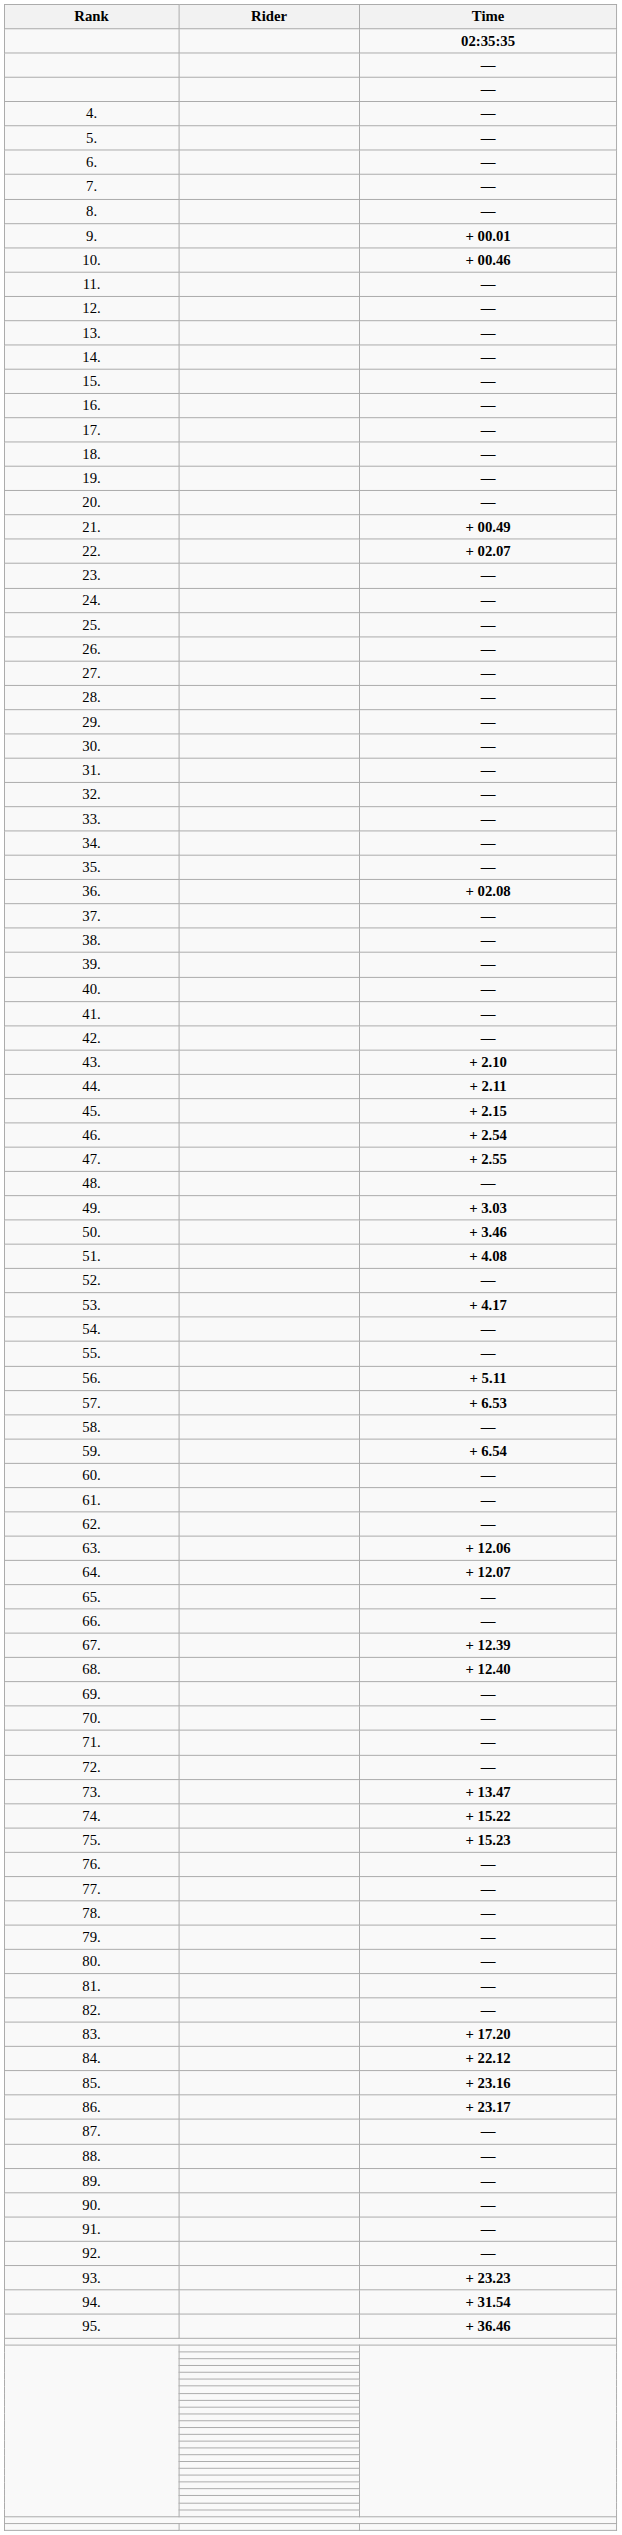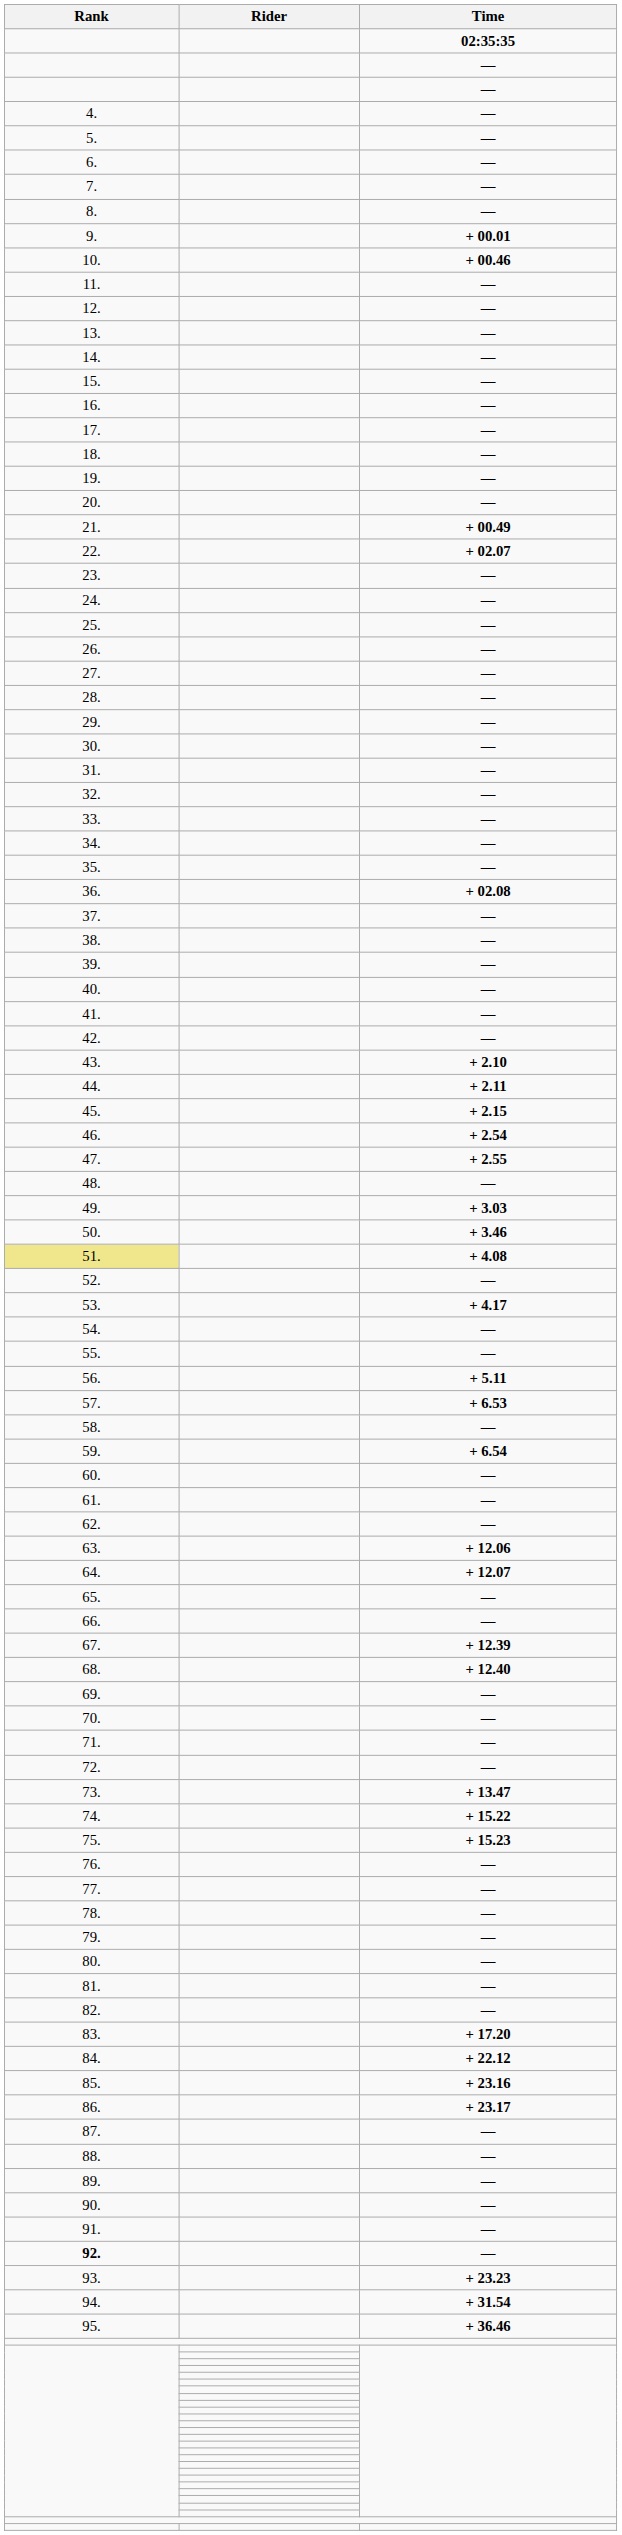 <table class=wikitable style="font-size:95%" width="50%">
 <tr>
 <th>Rank</th>
 <th>Rider</th>
 <th>Time</th>
 </tr>
 <tr>
 <td align="center"></td>
 <td></td>
 <td align="center"><strong>02:35:35</strong></td>
 </tr>
 <tr>
 <td align="center"></td>
 <td></td>
 <td align="center"><strong>—</strong></td>
 </tr>
 <tr>
 <td align="center"></td>
 <td></td>
 <td align="center"><strong>—</strong></td>
 </tr>
 <tr>
 <td align="center">4.</td>
 <td></td>
 <td align="center"><strong>—</strong></td>
 </tr>
 <tr>
 <td align="center">5.</td>
 <td></td>
 <td align="center"><strong>—</strong></td>
 </tr>
 <tr>
 <td align="center">6.</td>
 <td></td>
 <td align="center"><strong>—</strong></td>
 </tr>
 <tr>
 <td align="center">7.</td>
 <td></td>
 <td align="center"><strong>—</strong></td>
 </tr>
 <tr>
 <td align="center">8.</td>
 <td></td>
 <td align="center"><strong>—</strong></td>
 </tr>
 <tr>
 <td align="center">9.</td>
 <td></td>
 <td align="center"><strong>+ 00.01</strong></td>
 </tr>
 <tr>
 <td align="center">10.</td>
 <td></td>
 <td align="center"><strong>+ 00.46</strong></td>
 </tr>
 <tr>
 <td align="center">11.</td>
 <td></td>
 <td align="center"><strong>—</strong></td>
 </tr>
 <tr>
 <td align="center">12.</td>
 <td></td>
 <td align="center"><strong>—</strong></td>
 </tr>
 <tr>
 <td align="center">13.</td>
 <td></td>
 <td align="center"><strong>—</strong></td>
 </tr>
 <tr>
 <td align="center">14.</td>
 <td></td>
 <td align="center"><strong>—</strong></td>
 </tr>
 <tr>
 <td align="center">15.</td>
 <td></td>
 <td align="center"><strong>—</strong></td>
 </tr>
 <tr>
 <td align="center">16.</td>
 <td></td>
 <td align="center"><strong>—</strong></td>
 </tr>
 <tr>
 <td align="center">17.</td>
 <td></td>
 <td align="center"><strong>—</strong></td>
 </tr>
 <tr>
 <td align="center">18.</td>
 <td></td>
 <td align="center"><strong>—</strong></td>
 </tr>
 <tr>
 <td align="center">19.</td>
 <td></td>
 <td align="center"><strong>—</strong></td>
 </tr>
 <tr>
 <td align="center">20.</td>
 <td></td>
 <td align="center"><strong>—</strong></td>
 </tr>
 <tr>
 <td align="center">21.</td>
 <td></td>
 <td align="center"><strong>+ 00.49</strong></td>
 </tr>
 <tr>
 <td align="center">22.</td>
 <td></td>
 <td align="center"><strong>+ 02.07</strong></td>
 </tr>
 <tr>
 <td align="center">23.</td>
 <td></td>
 <td align="center"><strong>—</strong></td>
 </tr>
 <tr>
 <td align="center">24.</td>
 <td></td>
 <td align="center"><strong>—</strong></td>
 </tr>
 <tr>
 <td align="center">25.</td>
 <td></td>
 <td align="center"><strong>—</strong></td>
 </tr>
 <tr>
 <td align="center">26.</td>
 <td></td>
 <td align="center"><strong>—</strong></td>
 </tr>
 <tr>
 <td align="center">27.</td>
 <td></td>
 <td align="center"><strong>—</strong></td>
 </tr>
 <tr>
 <td align="center">28.</td>
 <td></td>
 <td align="center"><strong>—</strong></td>
 </tr>
 <tr>
 <td align="center">29.</td>
 <td></td>
 <td align="center"><strong>—</strong></td>
 </tr>
 <tr>
 <td align="center">30.</td>
 <td></td>
 <td align="center"><strong>—</strong></td>
 </tr>
 <tr>
 <td align="center">31.</td>
 <td></td>
 <td align="center"><strong>—</strong></td>
 </tr>
 <tr>
 <td align="center">32.</td>
 <td></td>
 <td align="center"><strong>—</strong></td>
 </tr>
 <tr>
 <td align="center">33.</td>
 <td></td>
 <td align="center"><strong>—</strong></td>
 </tr>
 <tr>
 <td align="center">34.</td>
 <td></td>
 <td align="center"><strong>—</strong></td>
 </tr>
 <tr>
 <td align="center">35.</td>
 <td></td>
 <td align="center"><strong>—</strong></td>
 </tr>
 <tr>
 <td align="center">36.</td>
 <td></td>
 <td align="center"><strong>+ 02.08</strong></td>
 </tr>
 <tr>
 <td align="center">37.</td>
 <td></td>
 <td align="center"><strong>—</strong></td>
 </tr>
 <tr>
 <td align="center">38.</td>
 <td></td>
 <td align="center"><strong>—</strong></td>
 </tr>
 <tr>
 <td align="center">39.</td>
 <td></td>
 <td align="center"><strong>—</strong></td>
 </tr>
 <tr>
 <td align="center">40.</td>
 <td></td>
 <td align="center"><strong>—</strong></td>
 </tr>
 <tr>
 <td align="center">41.</td>
 <td></td>
 <td align="center"><strong>—</strong></td>
 </tr>
 <tr>
 <td align="center">42.</td>
 <td></td>
 <td align="center"><strong>—</strong></td>
 </tr>
 <tr>
 <td align="center">43.</td>
 <td></td>
 <td align="center"><strong>+ 2.10</strong></td>
 </tr>
 <tr>
 <td align="center">44.</td>
 <td></td>
 <td align="center"><strong>+ 2.11</strong></td>
 </tr>
 <tr>
 <td align="center">45.</td>
 <td></td>
 <td align="center"><strong>+ 2.15</strong></td>
 </tr>
 <tr>
 <td align="center">46.</td>
 <td></td>
 <td align="center"><strong>+ 2.54</strong></td>
 </tr>
 <tr>
 <td align="center">47.</td>
 <td></td>
 <td align="center"><strong>+ 2.55</strong></td>
 </tr>
 <tr>
 <td align="center">48.</td>
 <td></td>
 <td align="center"><strong>—</strong></td>
 </tr>
 <tr>
 <td align="center">49.</td>
 <td></td>
 <td align="center"><strong>+ 3.03</strong></td>
 </tr>
 <tr>
 <td align="center">50.</td>
 <td></td>
 <td align="center"><strong>+ 3.46</strong></td>
 </tr>
 <tr>
-<td align="center">51.</td>
+<td align="center" style="background: khaki;">51.</td>
 <td></td>
 <td align="center"><strong>+ 4.08</strong></td>
 </tr>
 <tr>
 <td align="center">52.</td>
 <td></td>
 <td align="center"><strong>—</strong></td>
 </tr>
 <tr>
 <td align="center">53.</td>
 <td></td>
 <td align="center"><strong>+ 4.17</strong></td>
 </tr>
 <tr>
 <td align="center">54.</td>
 <td></td>
 <td align="center"><strong>—</strong></td>
 </tr>
 <tr>
 <td align="center">55.</td>
 <td></td>
 <td align="center"><strong>—</strong></td>
 </tr>
 <tr>
 <td align="center">56.</td>
 <td></td>
 <td align="center"><strong>+ 5.11</strong></td>
 </tr>
 <tr>
 <td align="center">57.</td>
 <td></td>
 <td align="center"><strong>+ 6.53</strong></td>
 </tr>
 <tr>
 <td align="center">58.</td>
 <td></td>
 <td align="center"><strong>—</strong></td>
 </tr>
 <tr>
 <td align="center">59.</td>
 <td></td>
 <td align="center"><strong>+ 6.54</strong></td>
 </tr>
 <tr>
 <td align="center">60.</td>
 <td></td>
 <td align="center"><strong>—</strong></td>
 </tr>
 <tr>
 <td align="center">61.</td>
 <td></td>
 <td align="center"><strong>—</strong></td>
 </tr>
 <tr>
 <td align="center">62.</td>
 <td></td>
 <td align="center"><strong>—</strong></td>
 </tr>
 <tr>
 <td align="center">63.</td>
 <td></td>
 <td align="center"><strong>+ 12.06</strong></td>
 </tr>
 <tr>
 <td align="center">64.</td>
 <td></td>
 <td align="center"><strong>+ 12.07</strong></td>
 </tr>
 <tr>
 <td align="center">65.</td>
 <td></td>
 <td align="center"><strong>—</strong></td>
 </tr>
 <tr>
 <td align="center">66.</td>
 <td></td>
 <td align="center"><strong>—</strong></td>
 </tr>
 <tr>
 <td align="center">67.</td>
 <td></td>
 <td align="center"><strong>+ 12.39</strong></td>
 </tr>
 <tr>
 <td align="center">68.</td>
 <td></td>
 <td align="center"><strong>+ 12.40</strong></td>
 </tr>
 <tr>
 <td align="center">69.</td>
 <td></td>
 <td align="center"><strong>—</strong></td>
 </tr>
 <tr>
 <td align="center">70.</td>
 <td></td>
 <td align="center"><strong>—</strong></td>
 </tr>
 <tr>
 <td align="center">71.</td>
 <td></td>
 <td align="center"><strong>—</strong></td>
 </tr>
 <tr>
 <td align="center">72.</td>
 <td></td>
 <td align="center"><strong>—</strong></td>
 </tr>
 <tr>
 <td align="center">73.</td>
 <td></td>
 <td align="center"><strong>+ 13.47</strong></td>
 </tr>
 <tr>
 <td align="center">74.</td>
 <td></td>
 <td align="center"><strong>+ 15.22</strong></td>
 </tr>
 <tr>
 <td align="center">75.</td>
 <td></td>
 <td align="center"><strong>+ 15.23</strong></td>
 </tr>
 <tr>
 <td align="center">76.</td>
 <td></td>
 <td align="center"><strong>—</strong></td>
 </tr>
 <tr>
 <td align="center">77.</td>
 <td></td>
 <td align="center"><strong>—</strong></td>
 </tr>
 <tr>
 <td align="center">78.</td>
 <td></td>
 <td align="center"><strong>—</strong></td>
 </tr>
 <tr>
 <td align="center">79.</td>
 <td></td>
 <td align="center"><strong>—</strong></td>
 </tr>
 <tr>
 <td align="center">80.</td>
 <td></td>
 <td align="center"><strong>—</strong></td>
 </tr>
 <tr>
 <td align="center">81.</td>
 <td></td>
 <td align="center"><strong>—</strong></td>
 </tr>
 <tr>
 <td align="center">82.</td>
 <td></td>
 <td align="center"><strong>—</strong></td>
 </tr>
 <tr>
 <td align="center">83.</td>
 <td></td>
 <td align="center"><strong>+ 17.20</strong></td>
 </tr>
 <tr>
 <td align="center">84.</td>
 <td></td>
 <td align="center"><strong>+ 22.12</strong></td>
 </tr>
 <tr>
 <td align="center">85.</td>
 <td></td>
 <td align="center"><strong>+ 23.16</strong></td>
 </tr>
 <tr>
 <td align="center">86.</td>
 <td></td>
 <td align="center"><strong>+ 23.17</strong></td>
 </tr>
 <tr>
 <td align="center">87.</td>
 <td></td>
 <td align="center"><strong>—</strong></td>
 </tr>
 <tr>
 <td align="center">88.</td>
 <td></td>
 <td align="center"><strong>—</strong></td>
 </tr>
 <tr>
 <td align="center">89.</td>
 <td></td>
 <td align="center"><strong>—</strong></td>
 </tr>
 <tr>
 <td align="center">90.</td>
 <td></td>
 <td align="center"><strong>—</strong></td>
 </tr>
 <tr>
 <td align="center">91.</td>
 <td></td>
 <td align="center"><strong>—</strong></td>
 </tr>
 <tr>
-<td align="center">92.</td>
+<td align="center"><strong>92.</strong></td>
 <td></td>
 <td align="center"><strong>—</strong></td>
 </tr>
 <tr>
 <td align="center">93.</td>
 <td></td>
 <td align="center"><strong>+ 23.23</strong></td>
 </tr>
 <tr>
 <td align="center">94.</td>
 <td></td>
 <td align="center"><strong>+ 31.54</strong></td>
 </tr>
 <tr>
 <td align="center">95.</td>
 <td></td>
 <td align="center"><strong>+ 36.46</strong></td>
 </tr>
 <tr>
 <td colspan=3></td>
 </tr>
 <tr>
 <td rowspan=25 align="center"></td>
 <td></td>
 </tr>
 <tr>
 <td></td>
 </tr>
 <tr>
 <td></td>
 </tr>
 <tr>
 <td></td>
 </tr>
 <tr>
 <td></td>
 </tr>
 <tr>
 <td></td>
 </tr>
 <tr>
 <td></td>
 </tr>
 <tr>
 <td></td>
 </tr>
 <tr>
 <td></td>
 </tr>
 <tr>
 <td></td>
 </tr>
 <tr>
 <td></td>
 </tr>
 <tr>
 <td></td>
 </tr>
 <tr>
 <td></td>
 </tr>
 <tr>
 <td></td>
 </tr>
 <tr>
 <td></td>
 </tr>
 <tr>
 <td></td>
 </tr>
 <tr>
 <td></td>
 </tr>
 <tr>
 <td></td>
 </tr>
 <tr>
 <td></td>
 </tr>
 <tr>
 <td></td>
 </tr>
 <tr>
 <td></td>
 </tr>
 <tr>
 <td></td>
 </tr>
 <tr>
 <td></td>
 </tr>
 <tr>
 <td></td>
 </tr>
 <tr>
 <td></td>
 </tr>
 <tr>
 <td colspan=3></td>
 </tr>
 <tr>
 <td></td>
 <td></td>
 </tr>
 </table>
